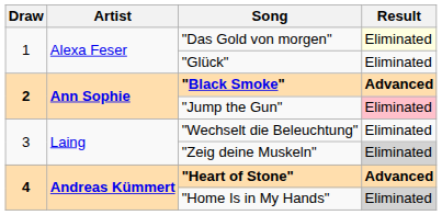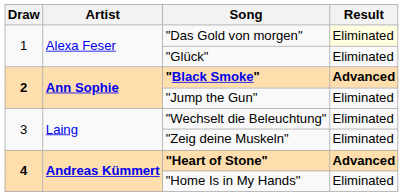 <table class="sortable wikitable" style="margin: 1em auto 1em auto; text-align:center">
 <tr>
 <th>Draw</th>
 <th>Artist</th>
 <th>Song</th>
 <th>Result</th>
 </tr>
 <tr>
 <td rowspan="2" data-sort-value="0">1</td>
 <td rowspan="2" align="left"><a href='#'>Alexa Feser</a></td>
 <td align="left">"Das Gold von morgen"</td>
 <td align="left" style="background: lightyellow;">Eliminated</td>
 </tr>
 <tr>
 <td align="left">"Glück"</td>
 <td align="left">Eliminated</td>
 </tr>
 <tr>
 <td rowspan="2" style="font-weight:bold;background:navajowhite;">2</td>
 <td rowspan="2" style="font-weight:bold;background:navajowhite;" align="left"><a href='#'>Ann Sophie</a></td>
 <td style="font-weight:bold;background:navajowhite;" align="left">"<a href='#'>Black Smoke</a>"</td>
 <td style="font-weight:bold;background:navajowhite;" align="left">Advanced</td>
 </tr>
 <tr>
 <td align="left">"Jump the Gun"</td>
-<td align="left" style="background: pink;">Eliminated</td>
+<td align="left">Eliminated</td>
 </tr>
 <tr>
 <td rowspan="2">3</td>
 <td rowspan="2" align="left"><a href='#'>Laing</a></td>
 <td align="left">"Wechselt die Beleuchtung"</td>
 <td align="left">Eliminated</td>
 </tr>
 <tr>
 <td align="left">"Zeig deine Muskeln"</td>
-<td align="left" style="background: lightgrey;">Eliminated</td>
+<td align="left">Eliminated</td>
 </tr>
 <tr>
 <td rowspan="2" style="font-weight:bold;background:navajowhite;">4</td>
 <td rowspan="2" style="font-weight:bold;background:navajowhite;" align="left"><a href='#'>Andreas Kümmert</a></td>
 <td style="font-weight:bold;background:navajowhite;" align="left">"Heart of Stone"</td>
 <td style="font-weight:bold;background:navajowhite;" align="left">Advanced</td>
 </tr>
 <tr>
 <td align="left">"Home Is in My Hands"</td>
-<td align="left" style="background: lightgrey;">Eliminated</td>
+<td align="left">Eliminated</td>
 </tr>
 </table>
